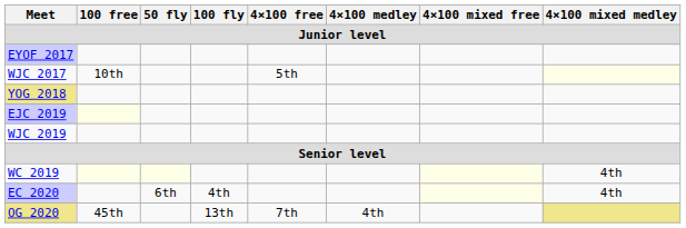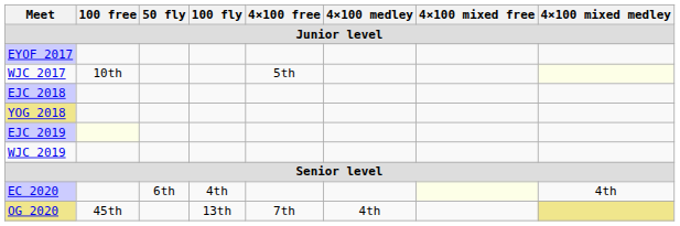 <table class="sortable wikitable">
 <tr>
 <th>Meet</th>
 <th class="unsortable">100 free</th>
 <th class="unsortable">50 fly</th>
 <th class="unsortable">100 fly</th>
 <th class="unsortable">4×100 free</th>
 <th class="unsortable">4×100 medley</th>
 <th class="unsortable">4×100 mixed free</th>
 <th class="unsortable">4×100 mixed medley</th>
 </tr>
 <tr bgcolor="#DDDDDD">
 <td colspan="8" align="center"><strong>Junior level</strong></td>
 </tr>
 <tr>
 <td style="background:#ccccff"><a href='#'>EYOF 2017</a></td>
 <td align="center"></td>
 <td></td>
 <td align="center"></td>
 <td align="center"></td>
 <td align="center"></td>
 <td align="center"></td>
 <td align="center"></td>
 </tr>
 <tr>
 <td><a href='#'>WJC 2017</a></td>
 <td align="center">10th</td>
 <td align="center"></td>
 <td align="center"></td>
 <td align="center">5th</td>
 <td align="center"></td>
 <td align="center"></td>
 <td style="background:#fdffe7"></td>
 </tr>
 <tr>
+<td style="background:#ccccff"><a href='#'>EJC 2018</a></td>
+<td align="center"></td>
+<td align="center"></td>
+<td align="center"></td>
+<td align="center"></td>
+<td align="center"></td>
+<td align="center"></td>
+<td align="center"></td>
+</tr>
+<tr>
 <td style="background:#f0e68c"><a href='#'>YOG 2018</a></td>
 <td align="center"></td>
 <td align="center"></td>
 <td align="center"></td>
 <td align="center"></td>
 <td align="center"></td>
 <td align="center"></td>
 <td align="center"></td>
 </tr>
 <tr>
 <td style="background:#ccccff"><a href='#'>EJC 2019</a></td>
 <td style="background:#fdffe7"></td>
 <td align="center"></td>
 <td align="center"></td>
 <td align="center"></td>
 <td align="center"></td>
 <td align="center"></td>
 <td align="center"></td>
 </tr>
 <tr>
 <td><a href='#'>WJC 2019</a></td>
 <td align="center"></td>
 <td align="center"></td>
 <td align="center"></td>
 <td align="center"></td>
 <td align="center"></td>
 <td align="center"></td>
 <td align="center"></td>
 </tr>
 <tr bgcolor="#DDDDDD">
 <td colspan="8" align="center"><strong>Senior level</strong></td>
 </tr>
 <tr>
-<td><a href='#'>WC 2019</a></td>
-<td style="background:#fdffe7"></td>
-<td style="background:#fdffe7"></td>
-<td align="center"></td>
-<td align="center"></td>
-<td align="center"></td>
-<td style="background:#fdffe7"></td>
-<td align="center">4th</td>
-</tr>
-<tr>
 <td style="background:#ccccff"><a href='#'>EC 2020</a></td>
 <td align="center"></td>
 <td align="center">6th</td>
 <td align="center">4th</td>
 <td align="center"></td>
 <td align="center"></td>
 <td style="background:#fdffe7"></td>
 <td align="center">4th</td>
 </tr>
 <tr>
 <td style="background:#f0e68c"><a href='#'>OG 2020</a></td>
 <td align="center">45th</td>
 <td></td>
 <td align="center">13th</td>
 <td align="center">7th</td>
 <td align="center">4th</td>
 <td></td>
 <td style="background:#f0e68c"></td>
 </tr>
 </table>
